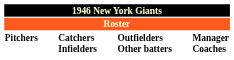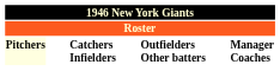 <table class="toccolours" style="font-size: 95%;">
 <tr>
 <th colspan="10" style="background-color: black; color: #FFFDD0; text-align: center;">1946 New York Giants</th>
 </tr>
 <tr>
 <td colspan="10" style="background-color: #fd5a1e; color: #FFFDD0; text-align: center;"><strong>Roster</strong></td>
 </tr>
 <tr>
-<td valign="top"><strong>Pitchers</strong><br>                     </td>
+<td valign="top" style="background: lightyellow;"><strong>Pitchers</strong><br>                     </td>
 <td width="25px"></td>
 <td valign="top"><strong>Catchers</strong><br>      <strong>Infielders</strong>         </td>
 <td width="25px"></td>
 <td valign="top"><strong>Outfielders</strong><br>           <strong>Other batters</strong> </td>
 <td width="25px"></td>
 <td valign="top"><strong>Manager</strong><br> <strong>Coaches</strong>   </td>
 </tr>
 </table>
